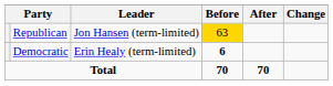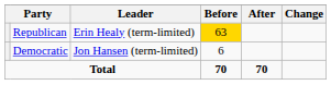 <table class="wikitable" style="text-align:center;">
 <tr>
 </tr>
 <tr>
 <th colspan="2">Party</th>
 <th>Leader</th>
 <th style="width:3em">Before</th>
 <th style="width:3em">After</th>
 <th style="width:3em">Change</th>
 </tr>
 <tr>
 <th style="background-color:"></th>
 <td style="text-align:left;"><a href='#'>Republican</a></td>
-<td style="text-align:left;"><a href='#'>Jon Hansen</a> (term-limited)</td>
+<td style="text-align:left;"><a href='#'>Erin Healy</a> (term-limited)</td>
 <td style="background: gold;">63</td>
 <td></td>
 <td></td>
 </tr>
 <tr>
 <th style="background-color:"></th>
 <td style="text-align:left;"><a href='#'>Democratic</a></td>
-<td style="text-align:left;"><a href='#'>Erin Healy</a> (term-limited)</td>
-<td><strong>6</strong></td>
+<td style="text-align:left;"><a href='#'>Jon Hansen</a> (term-limited)</td>
+<td>6</td>
 <td></td>
 <td></td>
 </tr>
 <tr>
 <td colspan="3"><strong>Total</strong></td>
 <td><strong>70</strong></td>
 <td><strong>70</strong></td>
 <td></td>
 </tr>
 </table>
